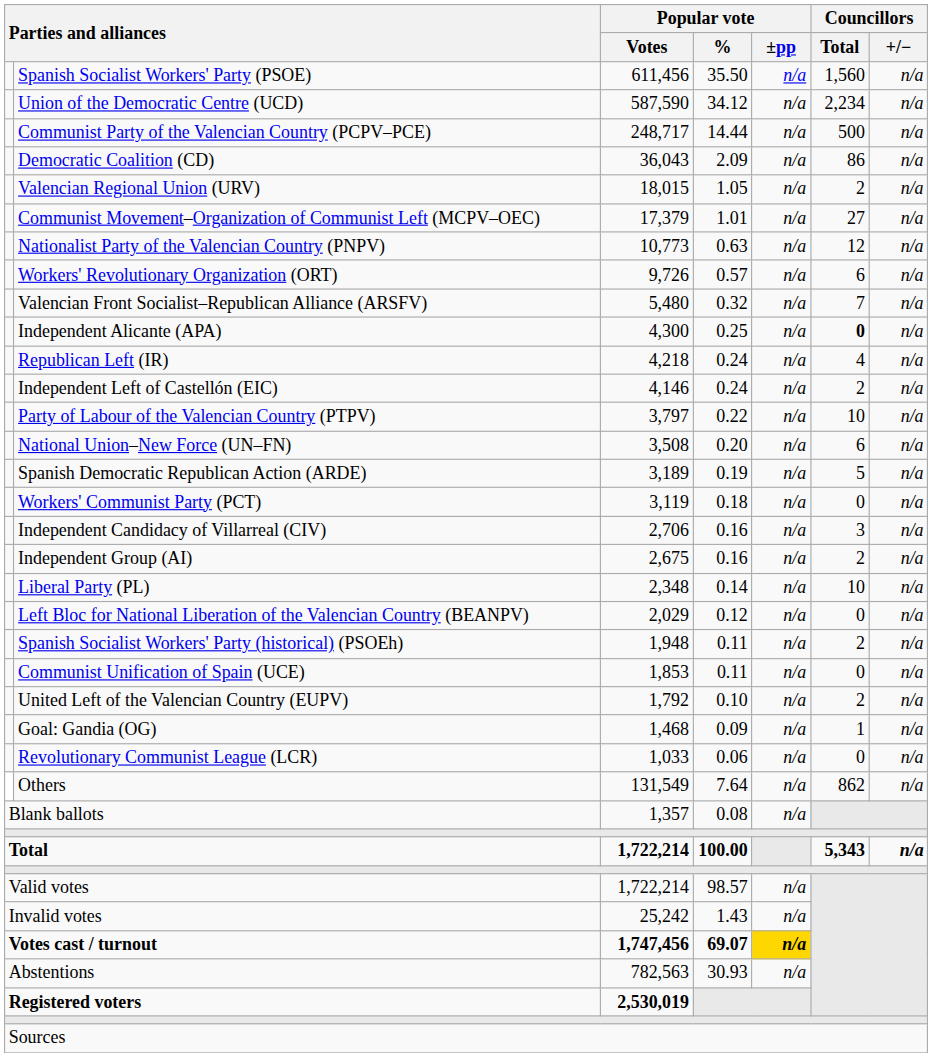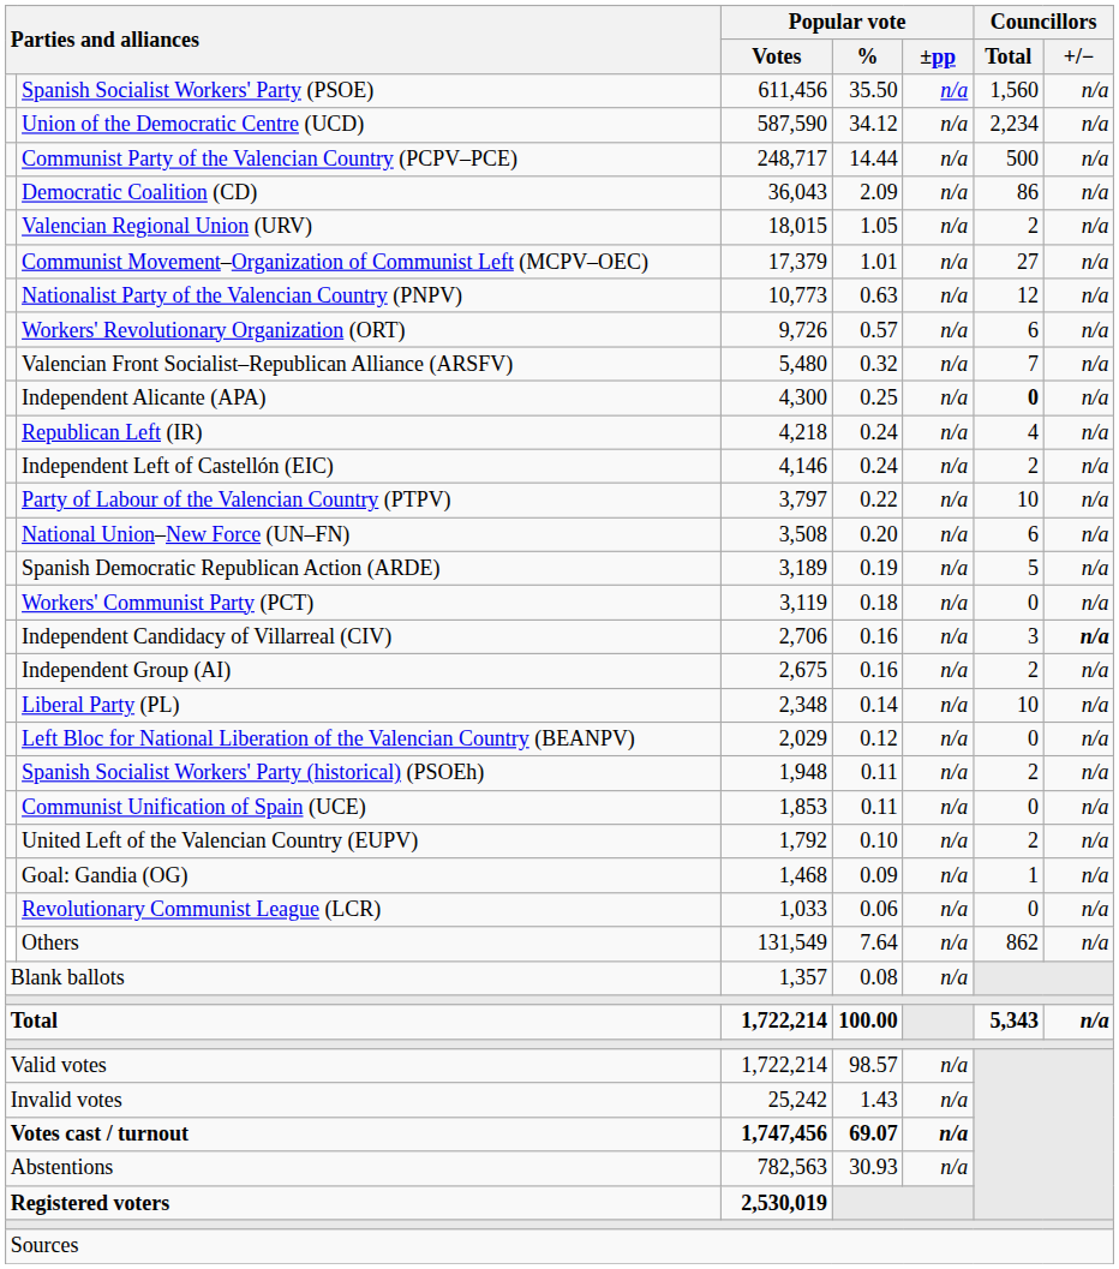 <table class="wikitable" style="text-align:right;">
 <tr>
 <th style="text-align:left;" rowspan="2" colspan="2" width="525">Parties and alliances</th>
 <th colspan="3">Popular vote</th>
 <th colspan="2">Councillors</th>
 </tr>
 <tr>
 <th width="75">Votes</th>
 <th width="45">%</th>
 <th width="45">±<a href='#'>pp</a></th>
 <th width="45">Total</th>
 <th width="45">+/−</th>
 </tr>
 <tr>
 <td width="1" style="color:inherit;background:"></td>
 <td align="left"><a href='#'>Spanish Socialist Workers' Party</a> (PSOE)</td>
 <td>611,456</td>
 <td>35.50</td>
 <td><em><a href='#'>n/a</a></em></td>
 <td>1,560</td>
 <td><em>n/a</em></td>
 </tr>
 <tr>
 <td style="color:inherit;background:"></td>
 <td align="left"><a href='#'>Union of the Democratic Centre</a> (UCD)</td>
 <td>587,590</td>
 <td>34.12</td>
 <td><em>n/a</em></td>
 <td>2,234</td>
 <td><em>n/a</em></td>
 </tr>
 <tr>
 <td style="color:inherit;background:"></td>
 <td align="left"><a href='#'>Communist Party of the Valencian Country</a> (PCPV–PCE)</td>
 <td>248,717</td>
 <td>14.44</td>
 <td><em>n/a</em></td>
 <td>500</td>
 <td><em>n/a</em></td>
 </tr>
 <tr>
 <td style="color:inherit;background:"></td>
 <td align="left"><a href='#'>Democratic Coalition</a> (CD)</td>
 <td>36,043</td>
 <td>2.09</td>
 <td><em>n/a</em></td>
 <td>86</td>
 <td><em>n/a</em></td>
 </tr>
 <tr>
 <td style="color:inherit;background:"></td>
 <td align="left"><a href='#'>Valencian Regional Union</a> (URV)</td>
 <td>18,015</td>
 <td>1.05</td>
 <td><em>n/a</em></td>
 <td>2</td>
 <td><em>n/a</em></td>
 </tr>
 <tr>
 <td style="color:inherit;background:"></td>
 <td align="left"><a href='#'>Communist Movement</a>–<a href='#'>Organization of Communist Left</a> (MCPV–OEC)</td>
 <td>17,379</td>
 <td>1.01</td>
 <td><em>n/a</em></td>
 <td>27</td>
 <td><em>n/a</em></td>
 </tr>
 <tr>
 <td style="color:inherit;background:"></td>
 <td align="left"><a href='#'>Nationalist Party of the Valencian Country</a> (PNPV)</td>
 <td>10,773</td>
 <td>0.63</td>
 <td><em>n/a</em></td>
 <td>12</td>
 <td><em>n/a</em></td>
 </tr>
 <tr>
 <td style="color:inherit;background:"></td>
 <td align="left"><a href='#'>Workers' Revolutionary Organization</a> (ORT)</td>
 <td>9,726</td>
 <td>0.57</td>
 <td><em>n/a</em></td>
 <td>6</td>
 <td><em>n/a</em></td>
 </tr>
 <tr>
 <td style="color:inherit;background:"></td>
 <td align="left">Valencian Front Socialist–Republican Alliance (ARSFV)</td>
 <td>5,480</td>
 <td>0.32</td>
 <td><em>n/a</em></td>
 <td>7</td>
 <td><em>n/a</em></td>
 </tr>
 <tr>
 <td style="color:inherit;background:"></td>
 <td align="left">Independent Alicante (APA)</td>
 <td>4,300</td>
 <td>0.25</td>
 <td><em>n/a</em></td>
 <td><strong>0</strong></td>
 <td><em>n/a</em></td>
 </tr>
 <tr>
 <td style="color:inherit;background:"></td>
 <td align="left"><a href='#'>Republican Left</a> (IR)</td>
 <td>4,218</td>
 <td>0.24</td>
 <td><em>n/a</em></td>
 <td>4</td>
 <td><em>n/a</em></td>
 </tr>
 <tr>
 <td style="color:inherit;background:"></td>
 <td align="left">Independent Left of Castellón (EIC)</td>
 <td>4,146</td>
 <td>0.24</td>
 <td><em>n/a</em></td>
 <td>2</td>
 <td><em>n/a</em></td>
 </tr>
 <tr>
 <td style="color:inherit;background:"></td>
 <td align="left"><a href='#'>Party of Labour of the Valencian Country</a> (PTPV)</td>
 <td>3,797</td>
 <td>0.22</td>
 <td><em>n/a</em></td>
 <td>10</td>
 <td><em>n/a</em></td>
 </tr>
 <tr>
 <td style="color:inherit;background:"></td>
 <td align="left"><a href='#'>National Union</a>–<a href='#'>New Force</a> (UN–FN)</td>
 <td>3,508</td>
 <td>0.20</td>
 <td><em>n/a</em></td>
 <td>6</td>
 <td><em>n/a</em></td>
 </tr>
 <tr>
 <td style="color:inherit;background:"></td>
 <td align="left">Spanish Democratic Republican Action (ARDE)</td>
 <td>3,189</td>
 <td>0.19</td>
 <td><em>n/a</em></td>
 <td>5</td>
 <td><em>n/a</em></td>
 </tr>
 <tr>
 <td style="color:inherit;background:"></td>
 <td align="left"><a href='#'>Workers' Communist Party</a> (PCT)</td>
 <td>3,119</td>
 <td>0.18</td>
 <td><em>n/a</em></td>
 <td>0</td>
 <td><em>n/a</em></td>
 </tr>
 <tr>
 <td style="color:inherit;background:"></td>
 <td align="left">Independent Candidacy of Villarreal (CIV)</td>
 <td>2,706</td>
 <td>0.16</td>
 <td><em>n/a</em></td>
 <td>3</td>
-<td><em>n/a</em></td>
+<td><strong><em>n/a</em></strong></td>
 </tr>
 <tr>
 <td style="color:inherit;background:"></td>
 <td align="left">Independent Group (AI)</td>
 <td>2,675</td>
 <td>0.16</td>
 <td><em>n/a</em></td>
 <td>2</td>
 <td><em>n/a</em></td>
 </tr>
 <tr>
 <td style="color:inherit;background:"></td>
 <td align="left"><a href='#'>Liberal Party</a> (PL)</td>
 <td>2,348</td>
 <td>0.14</td>
 <td><em>n/a</em></td>
 <td>10</td>
 <td><em>n/a</em></td>
 </tr>
 <tr>
 <td style="color:inherit;background:"></td>
 <td align="left"><a href='#'>Left Bloc for National Liberation of the Valencian Country</a> (BEANPV)</td>
 <td>2,029</td>
 <td>0.12</td>
 <td><em>n/a</em></td>
 <td>0</td>
 <td><em>n/a</em></td>
 </tr>
 <tr>
 <td style="color:inherit;background:"></td>
 <td align="left"><a href='#'>Spanish Socialist Workers' Party (historical)</a> (PSOEh)</td>
 <td>1,948</td>
 <td>0.11</td>
 <td><em>n/a</em></td>
 <td>2</td>
 <td><em>n/a</em></td>
 </tr>
 <tr>
 <td style="color:inherit;background:"></td>
 <td align="left"><a href='#'>Communist Unification of Spain</a> (UCE)</td>
 <td>1,853</td>
 <td>0.11</td>
 <td><em>n/a</em></td>
 <td>0</td>
 <td><em>n/a</em></td>
 </tr>
 <tr>
 <td style="color:inherit;background:"></td>
 <td align="left">United Left of the Valencian Country (EUPV)</td>
 <td>1,792</td>
 <td>0.10</td>
 <td><em>n/a</em></td>
 <td>2</td>
 <td><em>n/a</em></td>
 </tr>
 <tr>
 <td style="color:inherit;background:"></td>
 <td align="left">Goal: Gandia (OG)</td>
 <td>1,468</td>
 <td>0.09</td>
 <td><em>n/a</em></td>
 <td>1</td>
 <td><em>n/a</em></td>
 </tr>
 <tr>
 <td style="color:inherit;background:"></td>
 <td align="left"><a href='#'>Revolutionary Communist League</a> (LCR)</td>
 <td>1,033</td>
 <td>0.06</td>
 <td><em>n/a</em></td>
 <td>0</td>
 <td><em>n/a</em></td>
 </tr>
 <tr>
 <td bgcolor="white"></td>
 <td align="left">Others</td>
 <td>131,549</td>
 <td>7.64</td>
 <td><em>n/a</em></td>
 <td>862</td>
 <td><em>n/a</em></td>
 </tr>
 <tr>
 <td align="left" colspan="2">Blank ballots</td>
 <td>1,357</td>
 <td>0.08</td>
 <td><em>n/a</em></td>
 <td bgcolor="#E9E9E9" colspan="2"></td>
 </tr>
 <tr>
 <td colspan="7" bgcolor="#E9E9E9"></td>
 </tr>
 <tr style="font-weight:bold;">
 <td align="left" colspan="2">Total</td>
 <td>1,722,214</td>
 <td>100.00</td>
 <td bgcolor="#E9E9E9"></td>
 <td>5,343</td>
 <td><em>n/a</em></td>
 </tr>
 <tr>
 <td colspan="7" bgcolor="#E9E9E9"></td>
 </tr>
 <tr>
 <td align="left" colspan="2">Valid votes</td>
 <td>1,722,214</td>
 <td>98.57</td>
 <td><em>n/a</em></td>
 <td bgcolor="#E9E9E9" colspan="2" rowspan="5"></td>
 </tr>
 <tr>
 <td align="left" colspan="2">Invalid votes</td>
 <td>25,242</td>
 <td>1.43</td>
 <td><em>n/a</em></td>
 </tr>
 <tr style="font-weight:bold;">
 <td align="left" colspan="2">Votes cast / turnout</td>
 <td>1,747,456</td>
 <td>69.07</td>
-<td style="background: gold;"><em>n/a</em></td>
+<td><em>n/a</em></td>
 </tr>
 <tr>
 <td align="left" colspan="2">Abstentions</td>
 <td>782,563</td>
 <td>30.93</td>
 <td><em>n/a</em></td>
 </tr>
 <tr style="font-weight:bold;">
 <td align="left" colspan="2">Registered voters</td>
 <td>2,530,019</td>
 <td bgcolor="#E9E9E9" colspan="2"></td>
 </tr>
 <tr>
 <td colspan="7" bgcolor="#E9E9E9"></td>
 </tr>
 <tr>
 <td align="left" colspan="7">Sources</td>
 </tr>
 </table>
